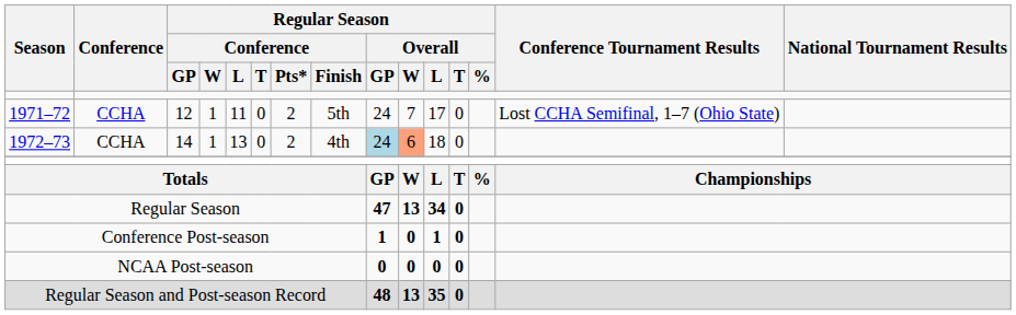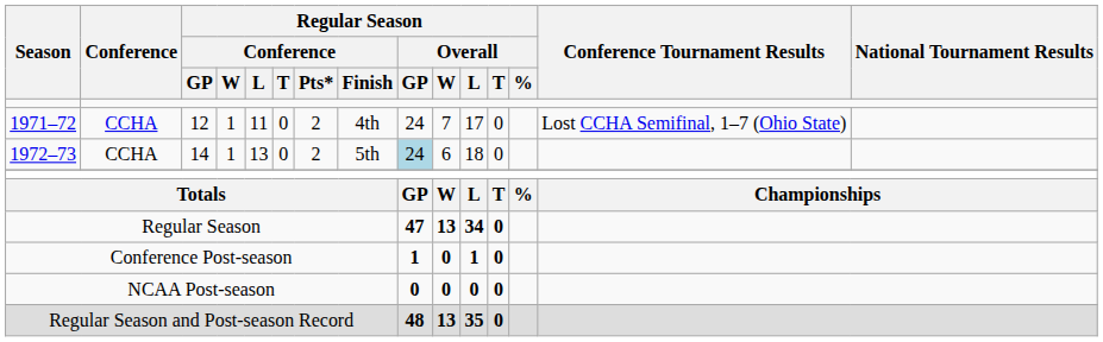 <table class="wikitable" style="text-align: center; font-size: 95%">
 <tr>
 <th rowspan="3">Season</th>
 <th rowspan="3">Conference</th>
 <th colspan="11">Regular Season</th>
 <th rowspan="3">Conference Tournament Results</th>
 <th rowspan="3">National Tournament Results</th>
 </tr>
 <tr>
 <th colspan="6">Conference</th>
 <th colspan="5">Overall</th>
 </tr>
 <tr>
 <th>GP</th>
 <th>W</th>
 <th>L</th>
 <th>T</th>
 <th>Pts*</th>
 <th>Finish</th>
 <th>GP</th>
 <th>W</th>
 <th>L</th>
 <th>T</th>
 <th>%</th>
 </tr>
 <tr>
 <td><a href='#'></a> </td>
 </tr>
 <tr>
 <td><a href='#'>1971–72</a></td>
 <td><a href='#'>CCHA</a></td>
 <td>12</td>
 <td>1</td>
 <td>11</td>
 <td>0</td>
 <td>2</td>
-<td>5th</td>
+<td>4th</td>
 <td>24</td>
 <td>7</td>
 <td>17</td>
 <td>0</td>
 <td></td>
 <td align="left">Lost <a href='#'>CCHA Semifinal</a>, 1–7 (<a href='#'>Ohio State</a>)</td>
 <td align="left"></td>
 </tr>
 <tr>
 <td><a href='#'>1972–73</a></td>
 <td>CCHA</td>
 <td>14</td>
 <td>1</td>
 <td>13</td>
 <td>0</td>
 <td>2</td>
-<td>4th</td>
+<td>5th</td>
 <td style="background: lightblue;">24</td>
-<td style="background: lightsalmon;">6</td>
+<td>6</td>
 <td>18</td>
 <td>0</td>
 <td></td>
 <td align="left"></td>
 <td align="left"></td>
 </tr>
 <tr>
 </tr>
 <tr ->
 </tr>
 <tr>
 <td colspan="16" style="background:#fff;"></td>
 </tr>
 <tr>
 <th colspan="8">Totals</th>
 <th>GP</th>
 <th>W</th>
 <th>L</th>
 <th>T</th>
 <th>%</th>
 <th colspan="2">Championships</th>
 </tr>
 <tr>
 <td colspan="8">Regular Season</td>
 <td><strong>47</strong></td>
 <td><strong>13</strong></td>
 <td><strong>34</strong></td>
 <td><strong>0</strong></td>
 <td><strong></strong></td>
 <td colspan="2" align="left"></td>
 </tr>
 <tr>
 <td colspan="8">Conference Post-season</td>
 <td><strong>1</strong></td>
 <td><strong>0</strong></td>
 <td><strong>1</strong></td>
 <td><strong>0</strong></td>
 <td><strong></strong></td>
 <td colspan="2" align="left"></td>
 </tr>
 <tr>
 <td colspan="8">NCAA Post-season</td>
 <td><strong>0</strong></td>
 <td><strong>0</strong></td>
 <td><strong>0</strong></td>
 <td><strong>0</strong></td>
 <td><strong></strong></td>
 <td colspan="2" align="left"></td>
 </tr>
 <tr bgcolor=dddddd>
 <td colspan="8">Regular Season and Post-season Record</td>
 <td><strong>48</strong></td>
 <td><strong>13</strong></td>
 <td><strong>35</strong></td>
 <td><strong>0</strong></td>
 <td><strong></strong></td>
 <td colspan="2" align="left"></td>
 </tr>
 </table>
